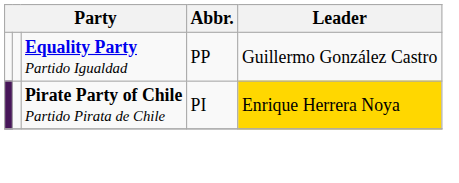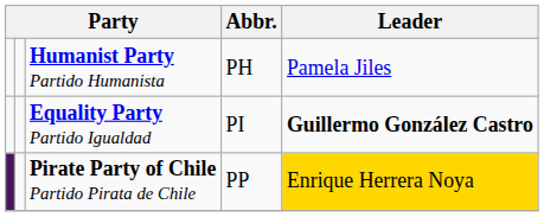 <table class="wikitable" style="font-size:100%">
 <tr>
 <th colspan=3>Party</th>
 <th>Abbr.</th>
 <th>Leader</th>
 </tr>
 <tr>
 <td style="background-color: "></td>
 <td></td>
+<td><strong><a href='#'>Humanist Party</a></strong><br><small><em>Partido Humanista</em></small></td>
+<td>PH</td>
+<td><a href='#'>Pamela Jiles</a></td>
+</tr>
+<tr>
+<td style="background-color: "></td>
+<td></td>
 <td><strong><a href='#'>Equality Party</a></strong><br><small><em>Partido Igualdad</em></small></td>
-<td>PP</td>
-<td>Guillermo González Castro</td>
+<td>PI</td>
+<td><strong>Guillermo González Castro</strong></td>
 </tr>
 <tr>
 <td style="background-color: #471659"></td>
 <td></td>
 <td><strong>Pirate Party of Chile</strong><br><small><em>Partido Pirata de Chile</em></small></td>
-<td>PI</td>
+<td>PP</td>
 <td style="background: gold;">Enrique Herrera Noya</td>
 </tr>
 <tr>
 </tr>
 </table>
